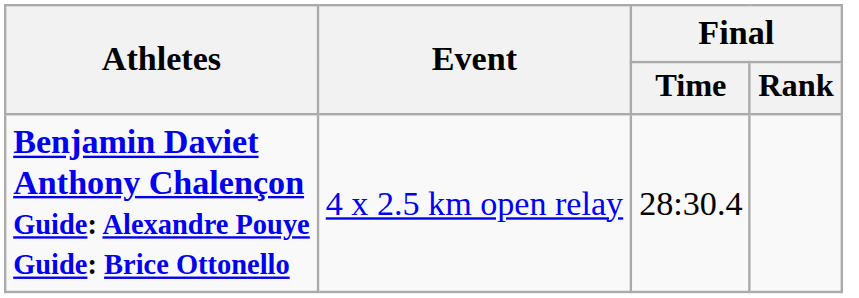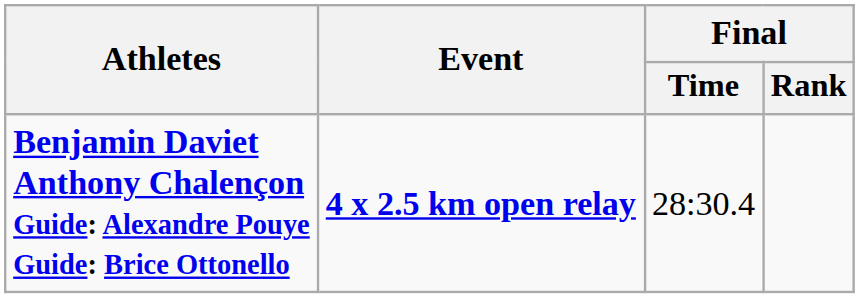 <table class="wikitable" style="font-size:90%">
 <tr>
 <th rowspan=2>Athletes</th>
 <th rowspan=2>Event</th>
 <th colspan=2>Final</th>
 </tr>
 <tr style="font-size:95%">
 <th>Time</th>
 <th>Rank</th>
 </tr>
 <tr align=center>
 <td align=left><strong><a href='#'>Benjamin Daviet</a><br><a href='#'>Anthony Chalençon</a><br><small><a href='#'>Guide</a>: <a href='#'>Alexandre Pouye</a><br><a href='#'>Guide</a>: <a href='#'>Brice Ottonello</a></small></strong></td>
-<td align=left><a href='#'>4 x 2.5 km open relay</a></td>
+<td align=left><strong><a href='#'>4 x 2.5 km open relay</a></strong></td>
 <td>28:30.4</td>
 <td></td>
 </tr>
 </table>
